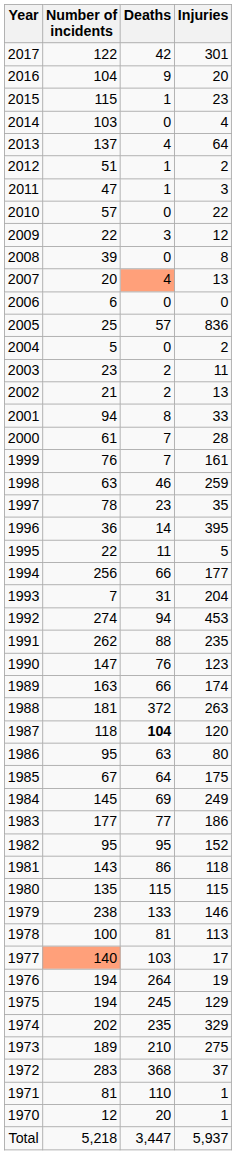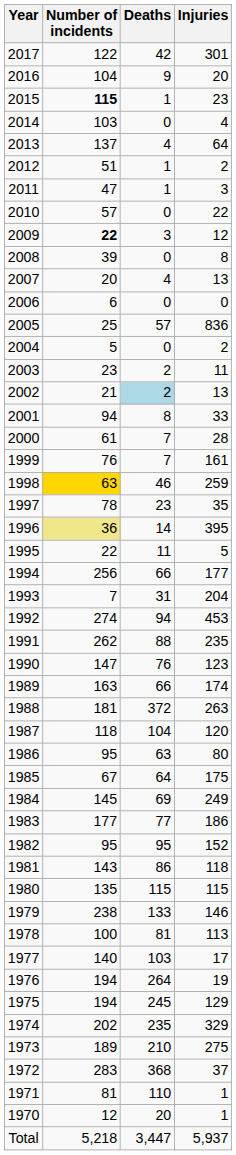 <table class="wikitable sortable collapsible floatright" style="text-align:right">
 <tr style="background:#ececec; vertical-align:top;">
 <th>Year</th>
 <th>Number of<br>incidents</th>
 <th>Deaths</th>
 <th>Injuries</th>
 </tr>
 <tr>
 <td align=center>2017</td>
 <td>122</td>
 <td>42</td>
 <td>301</td>
 </tr>
 <tr>
 <td align=center>2016</td>
 <td>104</td>
 <td>9</td>
 <td>20</td>
 </tr>
 <tr>
 <td align=center>2015</td>
-<td>115</td>
+<td><strong>115</strong></td>
 <td>1</td>
 <td>23</td>
 </tr>
 <tr>
 <td align=center>2014</td>
 <td>103</td>
 <td>0</td>
 <td>4</td>
 </tr>
 <tr>
 <td align=center>2013</td>
 <td>137</td>
 <td>4</td>
 <td>64</td>
 </tr>
 <tr>
 <td align=center>2012</td>
 <td>51</td>
 <td>1</td>
 <td>2</td>
 </tr>
 <tr>
 <td align=center>2011</td>
 <td>47</td>
 <td>1</td>
 <td>3</td>
 </tr>
 <tr>
 <td align=center>2010</td>
 <td>57</td>
 <td>0</td>
 <td>22</td>
 </tr>
 <tr>
 <td align=center>2009</td>
-<td>22</td>
+<td><strong>22</strong></td>
 <td>3</td>
 <td>12</td>
 </tr>
 <tr>
 <td align=center>2008</td>
 <td>39</td>
 <td>0</td>
 <td>8</td>
 </tr>
 <tr>
 <td align=center>2007</td>
 <td>20</td>
-<td style="background: lightsalmon;">4</td>
+<td>4</td>
 <td>13</td>
 </tr>
 <tr>
 <td align=center>2006</td>
 <td>6</td>
 <td>0</td>
 <td>0</td>
 </tr>
 <tr>
 <td align=center>2005</td>
 <td>25</td>
 <td>57</td>
 <td>836</td>
 </tr>
 <tr>
 <td align=center>2004</td>
 <td>5</td>
 <td>0</td>
 <td>2</td>
 </tr>
 <tr>
 <td align=center>2003</td>
 <td>23</td>
 <td>2</td>
 <td>11</td>
 </tr>
 <tr>
 <td align=center>2002</td>
 <td>21</td>
-<td>2</td>
+<td style="background: lightblue;">2</td>
 <td>13</td>
 </tr>
 <tr>
 <td align=center>2001</td>
 <td>94</td>
 <td>8</td>
 <td>33</td>
 </tr>
 <tr>
 <td align=center>2000</td>
 <td>61</td>
 <td>7</td>
 <td>28</td>
 </tr>
 <tr>
 <td align=center>1999</td>
 <td>76</td>
 <td>7</td>
 <td>161</td>
 </tr>
 <tr>
 <td align=center>1998</td>
-<td>63</td>
+<td style="background: gold;">63</td>
 <td>46</td>
 <td>259</td>
 </tr>
 <tr>
 <td align=center>1997</td>
 <td>78</td>
 <td>23</td>
 <td>35</td>
 </tr>
 <tr>
 <td align=center>1996</td>
-<td>36</td>
+<td style="background: khaki;">36</td>
 <td>14</td>
 <td>395</td>
 </tr>
 <tr>
 <td align=center>1995</td>
 <td>22</td>
 <td>11</td>
 <td>5</td>
 </tr>
 <tr>
 <td align=center>1994</td>
 <td>256</td>
 <td>66</td>
 <td>177</td>
 </tr>
 <tr>
 <td align=center>1993</td>
 <td>7</td>
 <td>31</td>
 <td>204</td>
 </tr>
 <tr>
 <td align=center>1992</td>
 <td>274</td>
 <td>94</td>
 <td>453</td>
 </tr>
 <tr>
 <td align=center>1991</td>
 <td>262</td>
 <td>88</td>
 <td>235</td>
 </tr>
 <tr>
 <td align=center>1990</td>
 <td>147</td>
 <td>76</td>
 <td>123</td>
 </tr>
 <tr>
 <td align=center>1989</td>
 <td>163</td>
 <td>66</td>
 <td>174</td>
 </tr>
 <tr>
 <td align=center>1988</td>
 <td>181</td>
 <td>372</td>
 <td>263</td>
 </tr>
 <tr>
 <td align=center>1987</td>
 <td>118</td>
-<td><strong>104</strong></td>
+<td>104</td>
 <td>120</td>
 </tr>
 <tr>
 <td align=center>1986</td>
 <td>95</td>
 <td>63</td>
 <td>80</td>
 </tr>
 <tr>
 <td align=center>1985</td>
 <td>67</td>
 <td>64</td>
 <td>175</td>
 </tr>
 <tr>
 <td align=center>1984</td>
 <td>145</td>
 <td>69</td>
 <td>249</td>
 </tr>
 <tr>
 <td align=center>1983</td>
 <td>177</td>
 <td>77</td>
 <td>186</td>
 </tr>
 <tr>
 <td align=center>1982</td>
 <td>95</td>
 <td>95</td>
 <td>152</td>
 </tr>
 <tr>
 <td align=center>1981</td>
 <td>143</td>
 <td>86</td>
 <td>118</td>
 </tr>
 <tr>
 <td align=center>1980</td>
 <td>135</td>
 <td>115</td>
 <td>115</td>
 </tr>
 <tr>
 <td align=center>1979</td>
 <td>238</td>
 <td>133</td>
 <td>146</td>
 </tr>
 <tr>
 <td align=center>1978</td>
 <td>100</td>
 <td>81</td>
 <td>113</td>
 </tr>
 <tr>
 <td align=center>1977</td>
-<td style="background: lightsalmon;">140</td>
+<td>140</td>
 <td>103</td>
 <td>17</td>
 </tr>
 <tr>
 <td align=center>1976</td>
 <td>194</td>
 <td>264</td>
 <td>19</td>
 </tr>
 <tr>
 <td align=center>1975</td>
 <td>194</td>
 <td>245</td>
 <td>129</td>
 </tr>
 <tr>
 <td align=center>1974</td>
 <td>202</td>
 <td>235</td>
 <td>329</td>
 </tr>
 <tr>
 <td align=center>1973</td>
 <td>189</td>
 <td>210</td>
 <td>275</td>
 </tr>
 <tr>
 <td align=center>1972</td>
 <td>283</td>
 <td>368</td>
 <td>37</td>
 </tr>
 <tr>
 <td align=center>1971</td>
 <td>81</td>
 <td>110</td>
 <td>1</td>
 </tr>
 <tr>
 <td align=center>1970</td>
 <td>12</td>
 <td>20</td>
 <td>1</td>
 </tr>
 <tr>
 <td align=center>Total</td>
 <td>5,218</td>
 <td>3,447</td>
 <td>5,937</td>
 </tr>
 </table>
